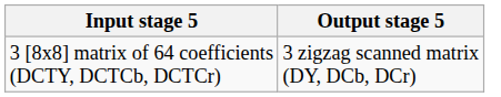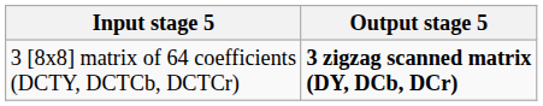 <table class="wikitable">
 <tr>
 <th>Input stage 5</th>
 <th>Output stage 5</th>
 </tr>
 <tr>
 <td>3 [8x8] matrix of 64 coefficients<br>(DCTY, DCTCb, DCTCr)</td>
-<td>3 zigzag scanned matrix<br>(DY, DCb, DCr)</td>
+<td><strong>3 zigzag scanned matrix<br>(DY, DCb, DCr)</strong></td>
 </tr>
 </table>
